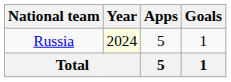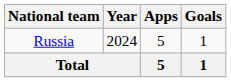 <table class="wikitable" style="text-align:center">
 <tr>
 <th>National team</th>
 <th>Year</th>
 <th>Apps</th>
 <th>Goals</th>
 </tr>
 <tr>
 <td rowspan="1"><a href='#'>Russia</a></td>
-<td style="background: lightyellow;">2024</td>
+<td>2024</td>
 <td>5</td>
 <td>1</td>
 </tr>
 <tr>
 <th colspan="2">Total</th>
 <th>5</th>
 <th>1</th>
 </tr>
 </table>
